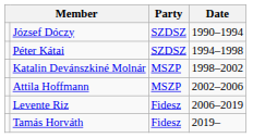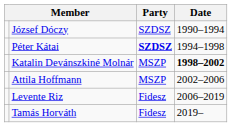 <table class=wikitable>
 <tr>
 <th colspan=2>Member</th>
 <th>Party</th>
 <th>Date</th>
 </tr>
 <tr>
 <td style="background-color:"></td>
 <td><a href='#'>József Dóczy</a></td>
 <td><a href='#'>SZDSZ</a></td>
 <td>1990–1994</td>
 </tr>
 <tr>
 <td style="background-color:"></td>
 <td><a href='#'>Péter Kátai</a></td>
-<td><a href='#'>SZDSZ</a></td>
+<td><strong><a href='#'>SZDSZ</a></strong></td>
 <td>1994–1998</td>
 </tr>
 <tr>
 <td style="background-color:"></td>
 <td><a href='#'>Katalin Devánszkiné Molnár</a></td>
 <td><a href='#'>MSZP</a></td>
-<td>1998–2002</td>
+<td><strong>1998–2002</strong></td>
 </tr>
 <tr>
 <td style="background-color:"></td>
 <td><a href='#'>Attila Hoffmann</a></td>
 <td><a href='#'>MSZP</a></td>
 <td>2002–2006</td>
 </tr>
 <tr>
 <td style="background-color:"></td>
 <td><a href='#'>Levente Riz</a></td>
 <td><a href='#'>Fidesz</a></td>
 <td>2006–2019</td>
 </tr>
 <tr>
 <td style="background-color:"></td>
 <td><a href='#'>Tamás Horváth</a></td>
 <td><a href='#'>Fidesz</a></td>
 <td>2019–</td>
 </tr>
 </table>
